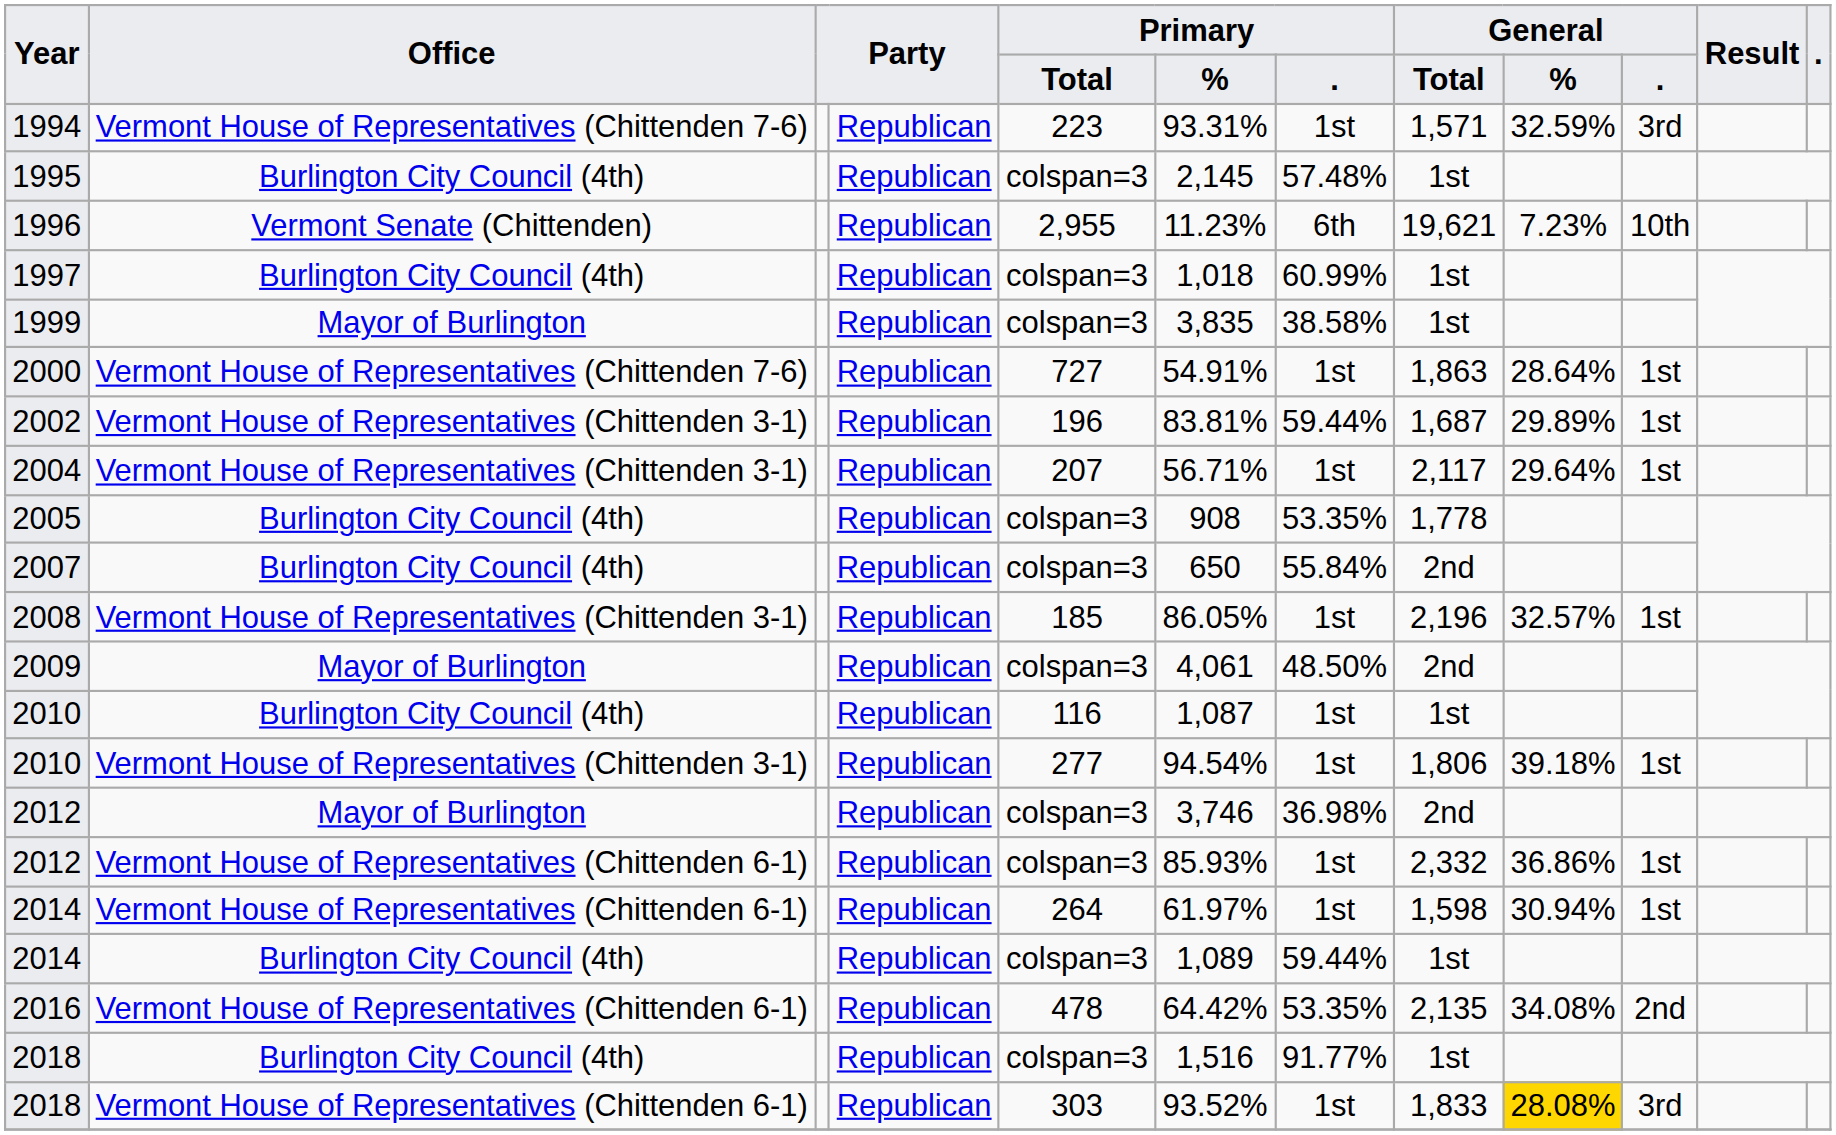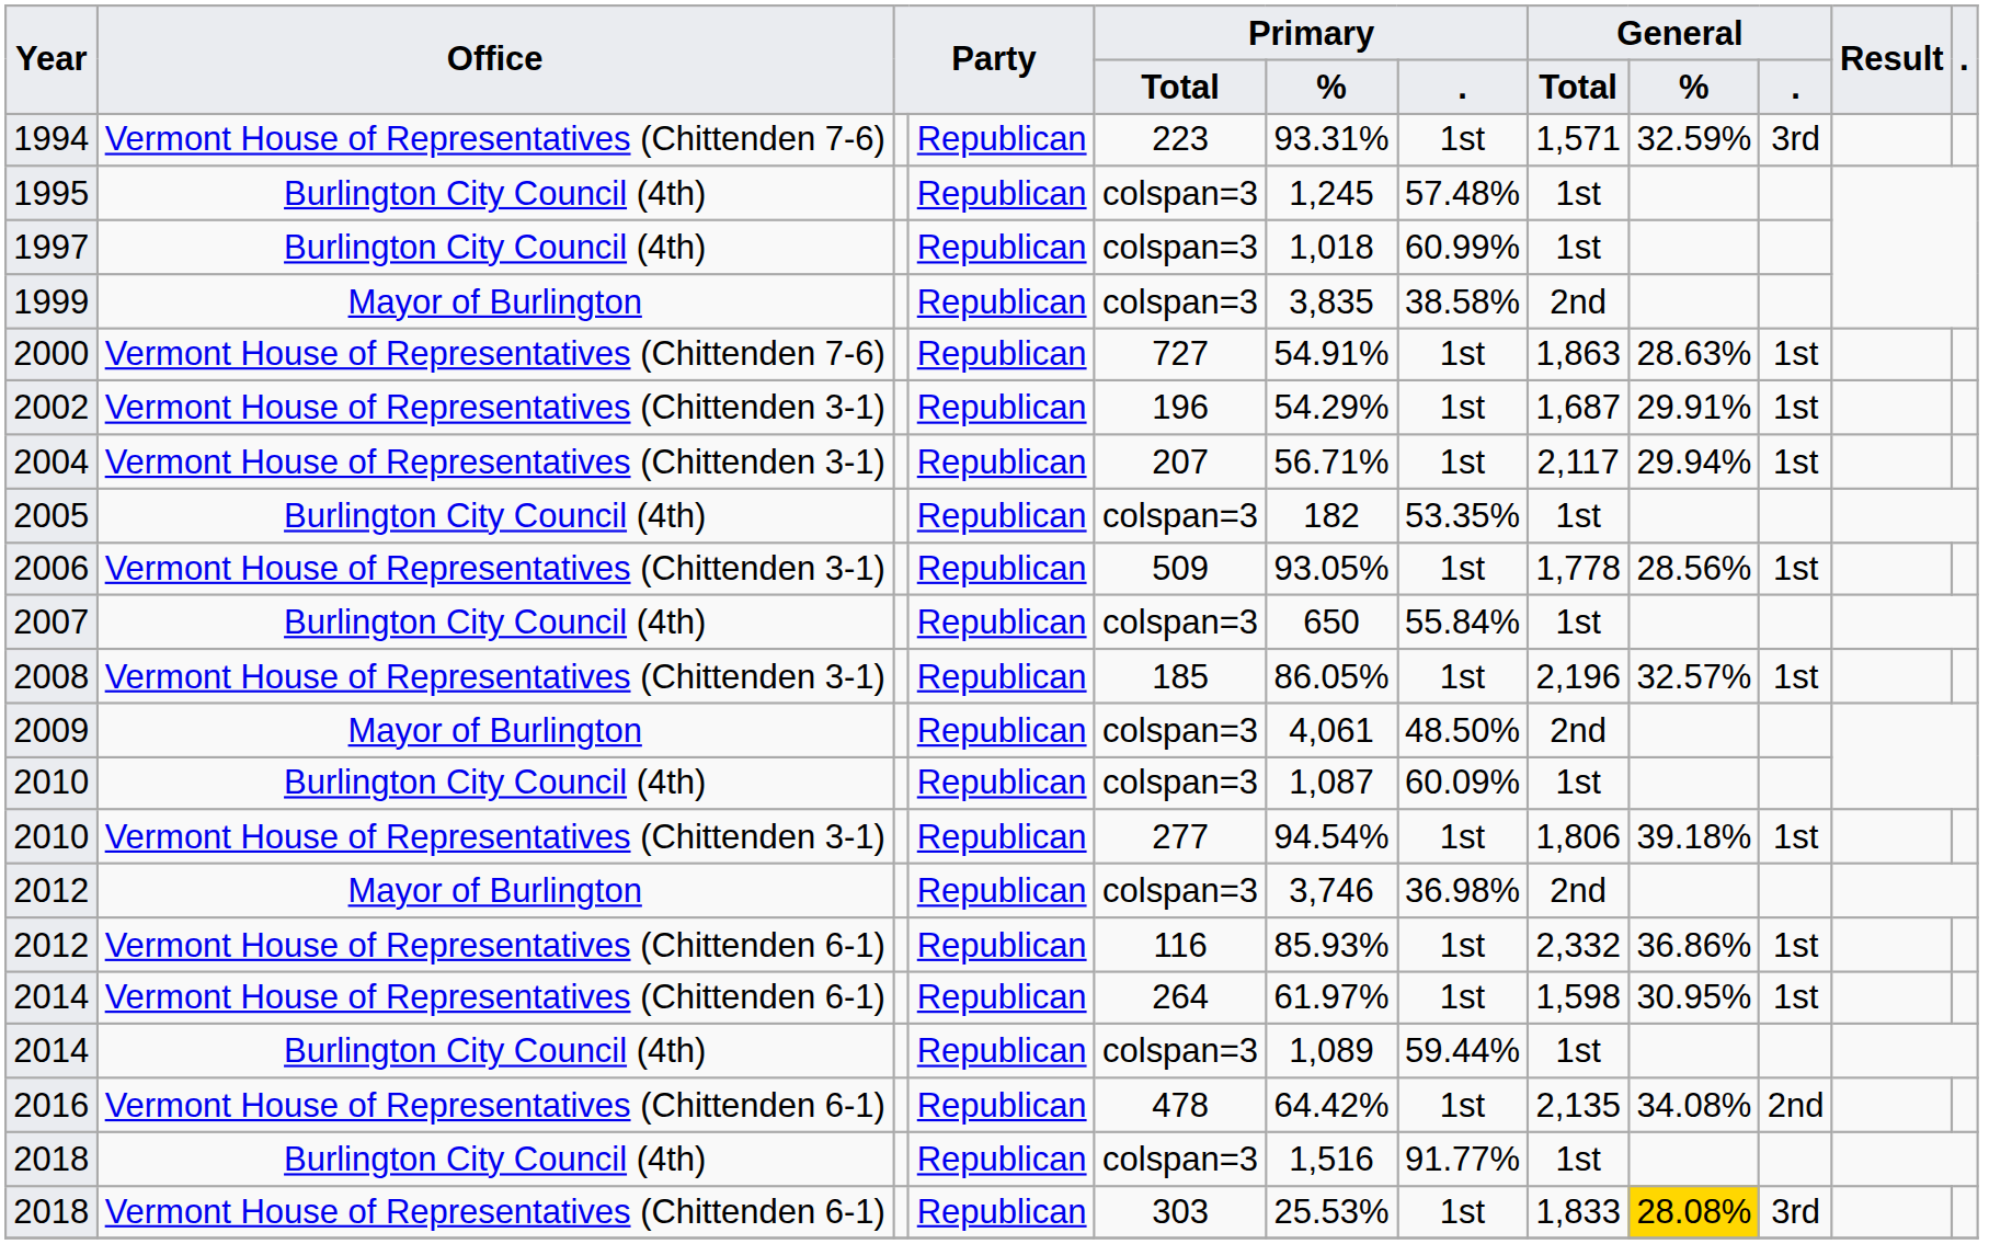 <table class="wikitable" style="font-size:90%; text-align:center;">
 <tr>
 <th style="background-color:#EAECF0;" rowspan=2>Year</th>
 <th style="background-color:#EAECF0;" rowspan=2>Office</th>
 <th style="background-color:#EAECF0;" colspan=2 rowspan=2>Party</th>
 <th style="background-color:#EAECF0;" colspan=3>Primary</th>
 <th style="background-color:#EAECF0;" colspan=3>General</th>
 <th style="background-color:#EAECF0;" rowspan=2>Result</th>
 <th style="background-color:#EAECF0;" rowspan=2>.</th>
 </tr>
 <tr>
 <th style="background-color:#EAECF0;">Total</th>
 <th style="background-color:#EAECF0;">%</th>
 <th style="background-color:#EAECF0;">.</th>
 <th style="background-color:#EAECF0;">Total</th>
 <th style="background-color:#EAECF0;">%</th>
 <th style="background-color:#EAECF0;">.</th>
 </tr>
 <tr>
 <td style="background-color:#EAECF0;">1994</td>
 <td><a href='#'>Vermont House of Representatives</a> (Chittenden 7-6)</td>
 <td style="background-color:"></td>
 <td><a href='#'>Republican</a></td>
 <td>223</td>
 <td>93.31%</td>
 <td>1st</td>
 <td>1,571</td>
 <td>32.59%</td>
 <td>3rd</td>
 <td></td>
 <td></td>
 </tr>
 <tr>
 <td style="background-color:#EAECF0;">1995</td>
 <td><a href='#'>Burlington City Council</a> (4th)</td>
 <td style="background-color:"></td>
 <td><a href='#'>Republican</a></td>
 <td>colspan=3 </td>
-<td>2,145</td>
+<td>1,245</td>
 <td>57.48%</td>
 <td>1st</td>
-<td></td>
-<td></td>
-</tr>
-<tr>
-<td style="background-color:#EAECF0;">1996</td>
-<td><a href='#'>Vermont Senate</a> (Chittenden)</td>
-<td style="background-color:"></td>
-<td><a href='#'>Republican</a></td>
-<td>2,955</td>
-<td>11.23%</td>
-<td>6th</td>
-<td>19,621</td>
-<td>7.23%</td>
-<td>10th</td>
 <td></td>
 <td></td>
 </tr>
 <tr>
 <td style="background-color:#EAECF0;">1997</td>
 <td><a href='#'>Burlington City Council</a> (4th)</td>
 <td style="background-color:"></td>
 <td><a href='#'>Republican</a></td>
 <td>colspan=3 </td>
 <td>1,018</td>
 <td>60.99%</td>
 <td>1st</td>
 <td></td>
 <td></td>
 </tr>
 <tr>
 <td style="background-color:#EAECF0;">1999</td>
 <td><a href='#'>Mayor of Burlington</a></td>
 <td style="background-color:"></td>
 <td><a href='#'>Republican</a></td>
 <td>colspan=3 </td>
 <td>3,835</td>
 <td>38.58%</td>
-<td>1st</td>
+<td>2nd</td>
 <td></td>
 <td></td>
 </tr>
 <tr>
 <td style="background-color:#EAECF0;">2000</td>
 <td><a href='#'>Vermont House of Representatives</a> (Chittenden 7-6)</td>
 <td style="background-color:"></td>
 <td><a href='#'>Republican</a></td>
 <td>727</td>
 <td>54.91%</td>
 <td>1st</td>
 <td>1,863</td>
-<td>28.64%</td>
+<td>28.63%</td>
 <td>1st</td>
 <td></td>
 <td></td>
 </tr>
 <tr>
 <td style="background-color:#EAECF0;">2002</td>
 <td><a href='#'>Vermont House of Representatives</a> (Chittenden 3-1)</td>
 <td style="background-color:"></td>
 <td><a href='#'>Republican</a></td>
 <td>196</td>
-<td>83.81%</td>
-<td>59.44%</td>
+<td>54.29%</td>
+<td>1st</td>
 <td>1,687</td>
-<td>29.89%</td>
+<td>29.91%</td>
 <td>1st</td>
 <td></td>
 <td></td>
 </tr>
 <tr>
 <td style="background-color:#EAECF0;">2004</td>
 <td><a href='#'>Vermont House of Representatives</a> (Chittenden 3-1)</td>
 <td style="background-color:"></td>
 <td><a href='#'>Republican</a></td>
 <td>207</td>
 <td>56.71%</td>
 <td>1st</td>
 <td>2,117</td>
-<td>29.64%</td>
+<td>29.94%</td>
 <td>1st</td>
 <td></td>
 <td></td>
 </tr>
 <tr>
 <td style="background-color:#EAECF0;">2005</td>
 <td><a href='#'>Burlington City Council</a> (4th)</td>
 <td style="background-color:"></td>
 <td><a href='#'>Republican</a></td>
 <td>colspan=3 </td>
-<td>908</td>
+<td>182</td>
 <td>53.35%</td>
+<td>1st</td>
+<td></td>
+<td></td>
+</tr>
+<tr>
+<td style="background-color:#EAECF0;">2006</td>
+<td><a href='#'>Vermont House of Representatives</a> (Chittenden 3-1)</td>
+<td style="background-color:"></td>
+<td><a href='#'>Republican</a></td>
+<td>509</td>
+<td>93.05%</td>
+<td>1st</td>
 <td>1,778</td>
+<td>28.56%</td>
+<td>1st</td>
 <td></td>
 <td></td>
 </tr>
 <tr>
 <td style="background-color:#EAECF0;">2007</td>
 <td><a href='#'>Burlington City Council</a> (4th)</td>
 <td style="background-color:"></td>
 <td><a href='#'>Republican</a></td>
 <td>colspan=3 </td>
 <td>650</td>
 <td>55.84%</td>
-<td>2nd</td>
+<td>1st</td>
 <td></td>
 <td></td>
 </tr>
 <tr>
 <td style="background-color:#EAECF0;">2008</td>
 <td><a href='#'>Vermont House of Representatives</a> (Chittenden 3-1)</td>
 <td style="background-color:"></td>
 <td><a href='#'>Republican</a></td>
 <td>185</td>
 <td>86.05%</td>
 <td>1st</td>
 <td>2,196</td>
 <td>32.57%</td>
 <td>1st</td>
 <td></td>
 <td></td>
 </tr>
 <tr>
 <td style="background-color:#EAECF0;">2009</td>
 <td><a href='#'>Mayor of Burlington</a></td>
 <td style="background-color:"></td>
 <td><a href='#'>Republican</a></td>
 <td>colspan=3 </td>
 <td>4,061</td>
 <td>48.50%</td>
 <td>2nd</td>
 <td></td>
 <td></td>
 </tr>
 <tr>
 <td style="background-color:#EAECF0;">2010</td>
 <td><a href='#'>Burlington City Council</a> (4th)</td>
 <td style="background-color:"></td>
 <td><a href='#'>Republican</a></td>
-<td>116</td>
+<td>colspan=3 </td>
 <td>1,087</td>
-<td>1st</td>
+<td>60.09%</td>
 <td>1st</td>
 <td></td>
 <td></td>
 </tr>
 <tr>
 <td style="background-color:#EAECF0;">2010</td>
 <td><a href='#'>Vermont House of Representatives</a> (Chittenden 3-1)</td>
 <td style="background-color:"></td>
 <td><a href='#'>Republican</a></td>
 <td>277</td>
 <td>94.54%</td>
 <td>1st</td>
 <td>1,806</td>
 <td>39.18%</td>
 <td>1st</td>
 <td></td>
 <td></td>
 </tr>
 <tr>
 <td style="background-color:#EAECF0;">2012</td>
 <td><a href='#'>Mayor of Burlington</a></td>
 <td style="background-color:"></td>
 <td><a href='#'>Republican</a></td>
 <td>colspan=3 </td>
 <td>3,746</td>
 <td>36.98%</td>
 <td>2nd</td>
 <td></td>
 <td></td>
 </tr>
 <tr>
 <td style="background-color:#EAECF0;">2012</td>
 <td><a href='#'>Vermont House of Representatives</a> (Chittenden 6-1)</td>
 <td style="background-color:"></td>
 <td><a href='#'>Republican</a></td>
-<td>colspan=3 </td>
+<td>116</td>
 <td>85.93%</td>
 <td>1st</td>
 <td>2,332</td>
 <td>36.86%</td>
 <td>1st</td>
 <td></td>
 <td></td>
 </tr>
 <tr>
 <td style="background-color:#EAECF0;">2014</td>
 <td><a href='#'>Vermont House of Representatives</a> (Chittenden 6-1)</td>
 <td style="background-color:"></td>
 <td><a href='#'>Republican</a></td>
 <td>264</td>
 <td>61.97%</td>
 <td>1st</td>
 <td>1,598</td>
-<td>30.94%</td>
+<td>30.95%</td>
 <td>1st</td>
 <td></td>
 <td></td>
 </tr>
 <tr>
 <td style="background-color:#EAECF0;">2014</td>
 <td><a href='#'>Burlington City Council</a> (4th)</td>
 <td style="background-color:"></td>
 <td><a href='#'>Republican</a></td>
 <td>colspan=3 </td>
 <td>1,089</td>
 <td>59.44%</td>
 <td>1st</td>
 <td></td>
 <td></td>
 </tr>
 <tr>
 <td style="background-color:#EAECF0;">2016</td>
 <td><a href='#'>Vermont House of Representatives</a> (Chittenden 6-1)</td>
 <td style="background-color:"></td>
 <td><a href='#'>Republican</a></td>
 <td>478</td>
 <td>64.42%</td>
-<td>53.35%</td>
+<td>1st</td>
 <td>2,135</td>
 <td>34.08%</td>
 <td>2nd</td>
 <td></td>
 <td></td>
 </tr>
 <tr>
 <td style="background-color:#EAECF0;">2018</td>
 <td><a href='#'>Burlington City Council</a> (4th)</td>
 <td style="background-color:"></td>
 <td><a href='#'>Republican</a></td>
 <td>colspan=3 </td>
 <td>1,516</td>
 <td>91.77%</td>
 <td>1st</td>
 <td></td>
 <td></td>
 </tr>
 <tr>
 <td style="background-color:#EAECF0;">2018</td>
 <td><a href='#'>Vermont House of Representatives</a> (Chittenden 6-1)</td>
 <td style="background-color:"></td>
 <td><a href='#'>Republican</a></td>
 <td>303</td>
-<td>93.52%</td>
+<td>25.53%</td>
 <td>1st</td>
 <td>1,833</td>
 <td style="background: gold;">28.08%</td>
 <td>3rd</td>
 <td></td>
 <td></td>
 </tr>
 <tr>
 </tr>
 </table>
